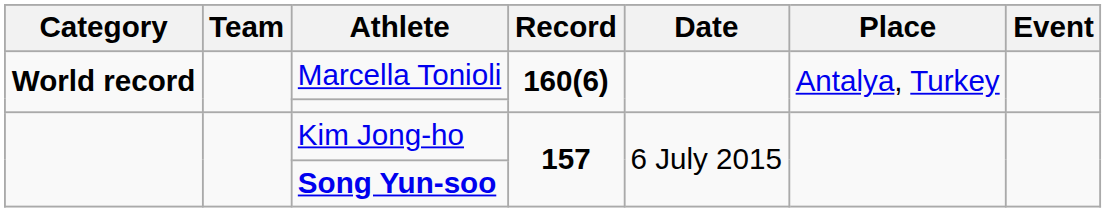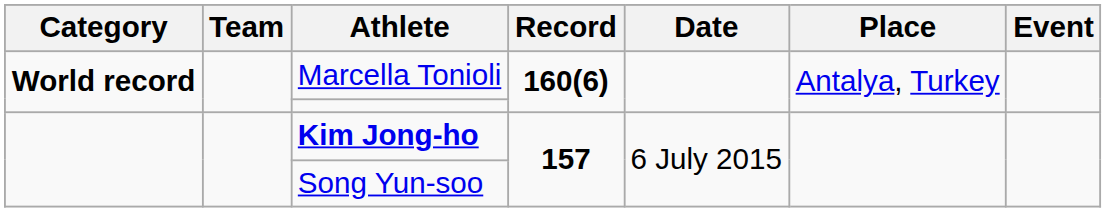 <table class="wikitable" style="text-align:center">
 <tr>
 <th>Category</th>
 <th>Team</th>
 <th>Athlete</th>
 <th>Record</th>
 <th>Date</th>
 <th>Place</th>
 <th>Event</th>
 </tr>
 <tr>
 <td rowspan="2"><strong>World record</strong></td>
 <td align="left" rowspan="2"></td>
 <td align="left"><a href='#'>Marcella Tonioli</a></td>
 <td rowspan="2"><strong>160(6)</strong></td>
 <td rowspan="2"></td>
 <td rowspan="2"><a href='#'>Antalya</a>, <a href='#'>Turkey</a></td>
 <td rowspan="2"></td>
 </tr>
 <tr>
 <td align="left"></td>
 </tr>
 <tr>
 <td rowspan="2"><strong></strong></td>
 <td align="left" rowspan="2"></td>
-<td align="left"><a href='#'>Kim Jong-ho</a></td>
+<td align="left"><strong><a href='#'>Kim Jong-ho</a></strong></td>
 <td rowspan="2"><strong>157</strong></td>
 <td rowspan="2">6 July 2015</td>
 <td rowspan="2"></td>
 <td rowspan="2"></td>
 </tr>
 <tr>
-<td align="left"><strong><a href='#'>Song Yun-soo</a></strong></td>
+<td align="left"><a href='#'>Song Yun-soo</a></td>
 </tr>
 </table>
